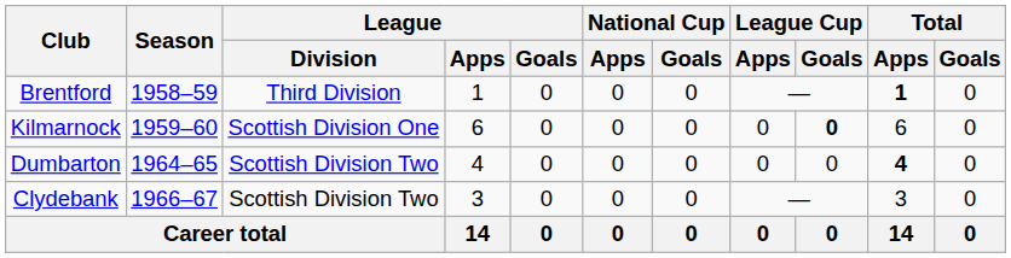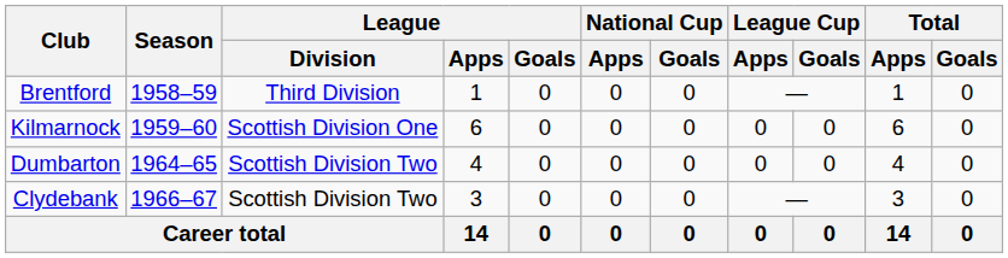 <table class="wikitable" style="text-align: center;">
 <tr>
 <th rowspan="2">Club</th>
 <th rowspan="2">Season</th>
 <th colspan="3">League</th>
 <th colspan="2">National Cup</th>
 <th colspan="2">League Cup</th>
 <th colspan="2">Total</th>
 </tr>
 <tr>
 <th>Division</th>
 <th>Apps</th>
 <th>Goals</th>
 <th>Apps</th>
 <th>Goals</th>
 <th>Apps</th>
 <th>Goals</th>
 <th>Apps</th>
 <th>Goals</th>
 </tr>
 <tr>
 <td><a href='#'>Brentford</a></td>
 <td><a href='#'>1958–59</a></td>
 <td><a href='#'>Third Division</a></td>
 <td>1</td>
 <td>0</td>
 <td>0</td>
 <td>0</td>
 <td colspan="2">—</td>
-<td><strong>1</strong></td>
+<td>1</td>
 <td>0</td>
 </tr>
 <tr>
 <td><a href='#'>Kilmarnock</a></td>
 <td><a href='#'>1959–60</a></td>
 <td><a href='#'>Scottish Division One</a></td>
 <td>6</td>
 <td>0</td>
 <td>0</td>
 <td>0</td>
 <td>0</td>
-<td><strong>0</strong></td>
+<td>0</td>
 <td>6</td>
 <td>0</td>
 </tr>
 <tr>
 <td><a href='#'>Dumbarton</a></td>
 <td><a href='#'>1964–65</a></td>
 <td><a href='#'>Scottish Division Two</a></td>
 <td>4</td>
 <td>0</td>
 <td>0</td>
 <td>0</td>
 <td>0</td>
 <td>0</td>
-<td><strong>4</strong></td>
+<td>4</td>
 <td>0</td>
 </tr>
 <tr>
 <td><a href='#'>Clydebank</a></td>
 <td><a href='#'>1966–67</a></td>
 <td>Scottish Division Two</td>
 <td>3</td>
 <td>0</td>
 <td>0</td>
 <td>0</td>
 <td colspan="2">—</td>
 <td>3</td>
 <td>0</td>
 </tr>
 <tr>
 <th colspan="3">Career total</th>
 <th>14</th>
 <th>0</th>
 <th>0</th>
 <th>0</th>
 <th>0</th>
 <th>0</th>
 <th>14</th>
 <th>0</th>
 </tr>
 </table>
